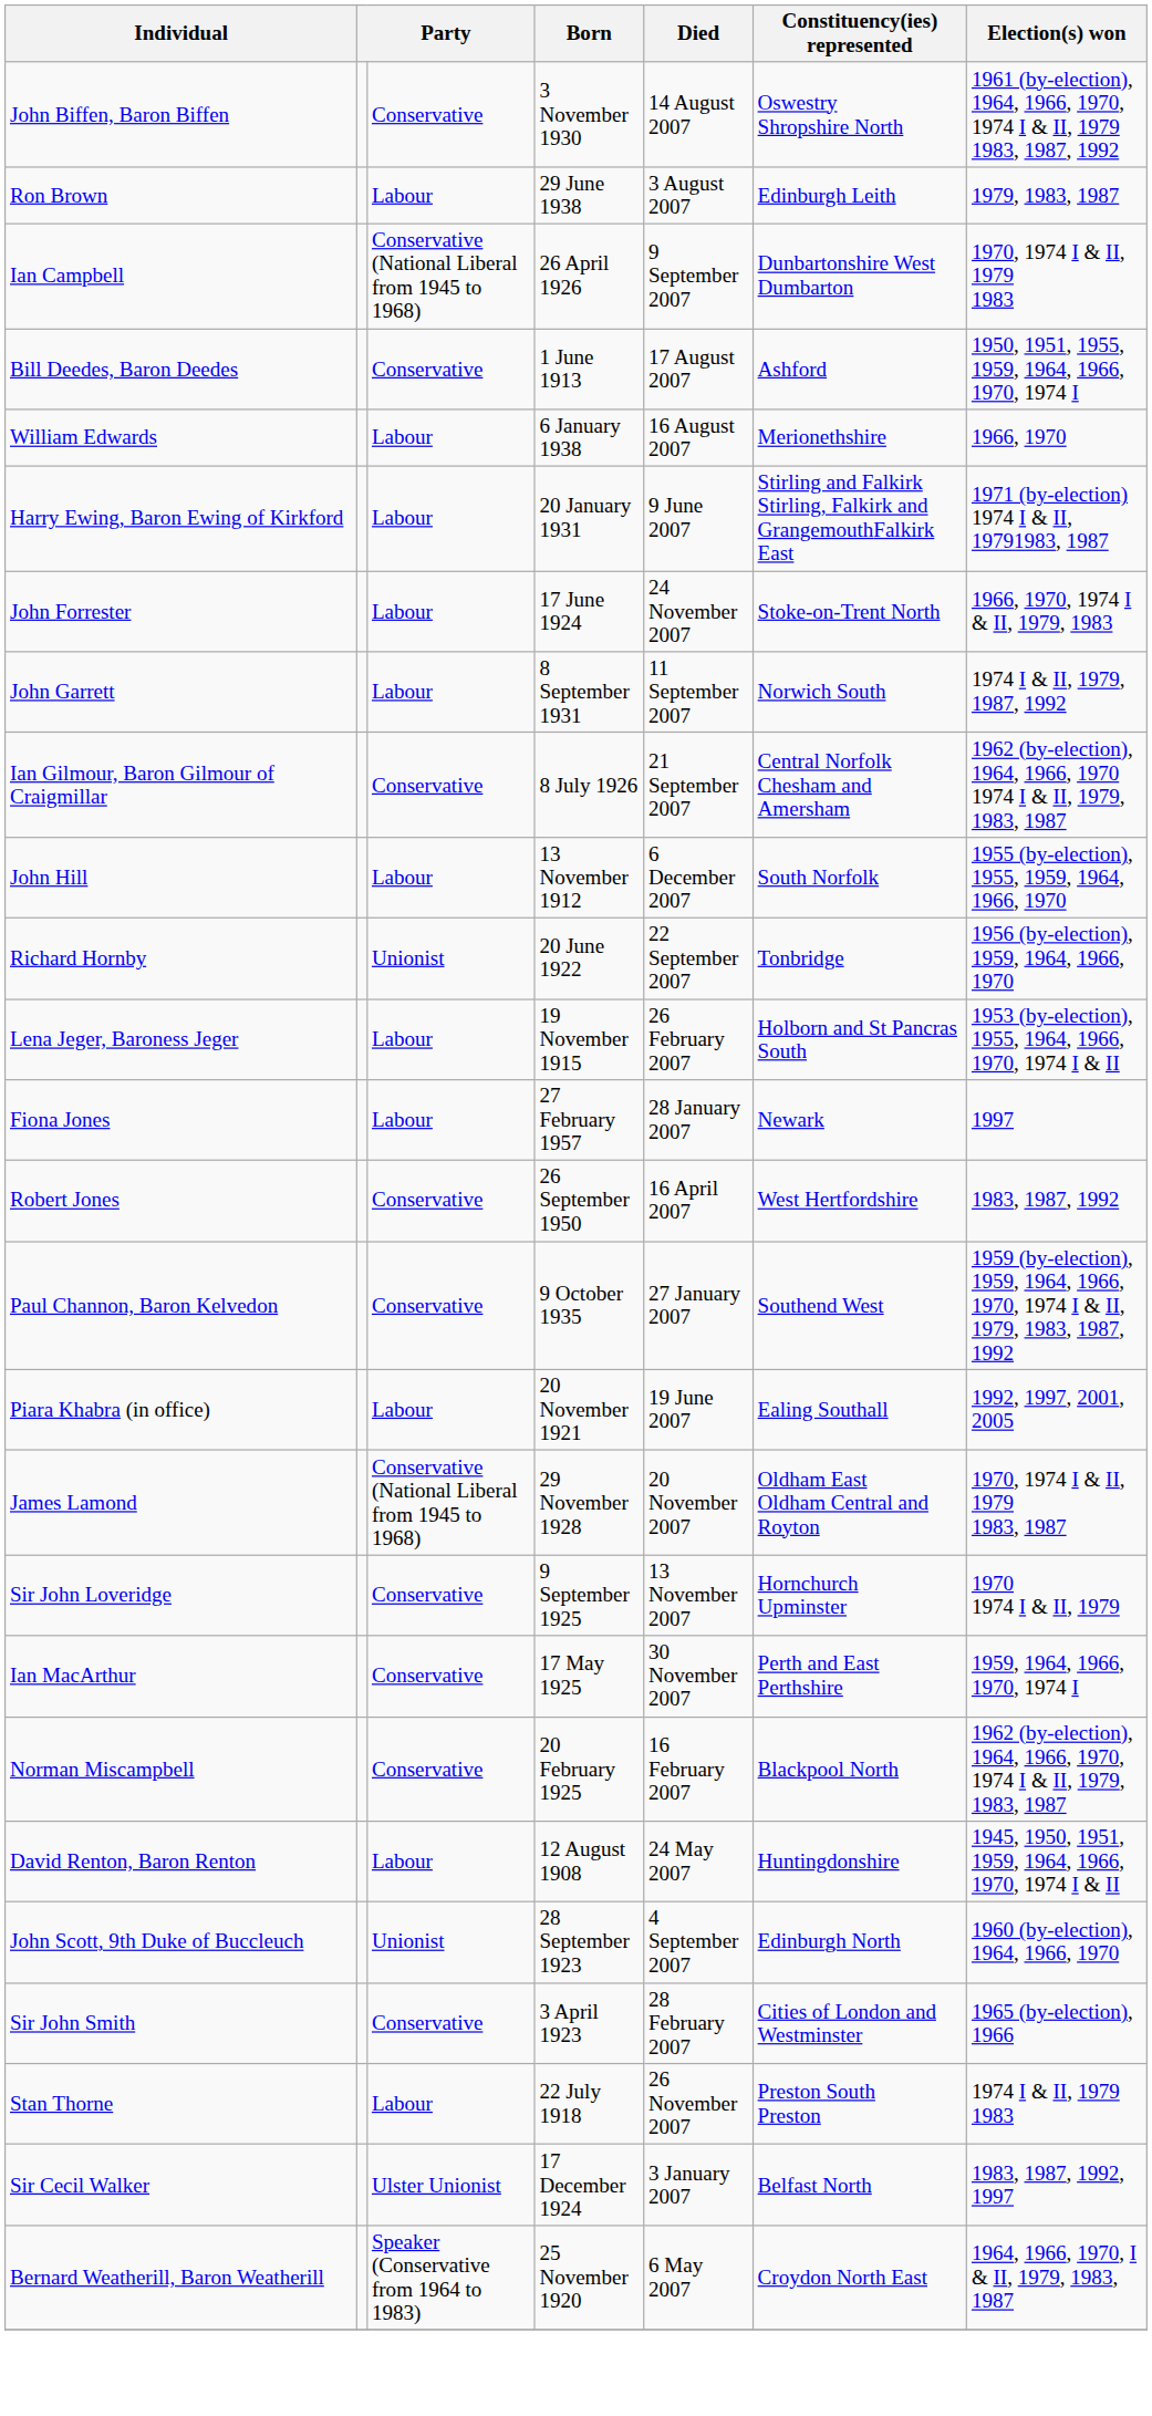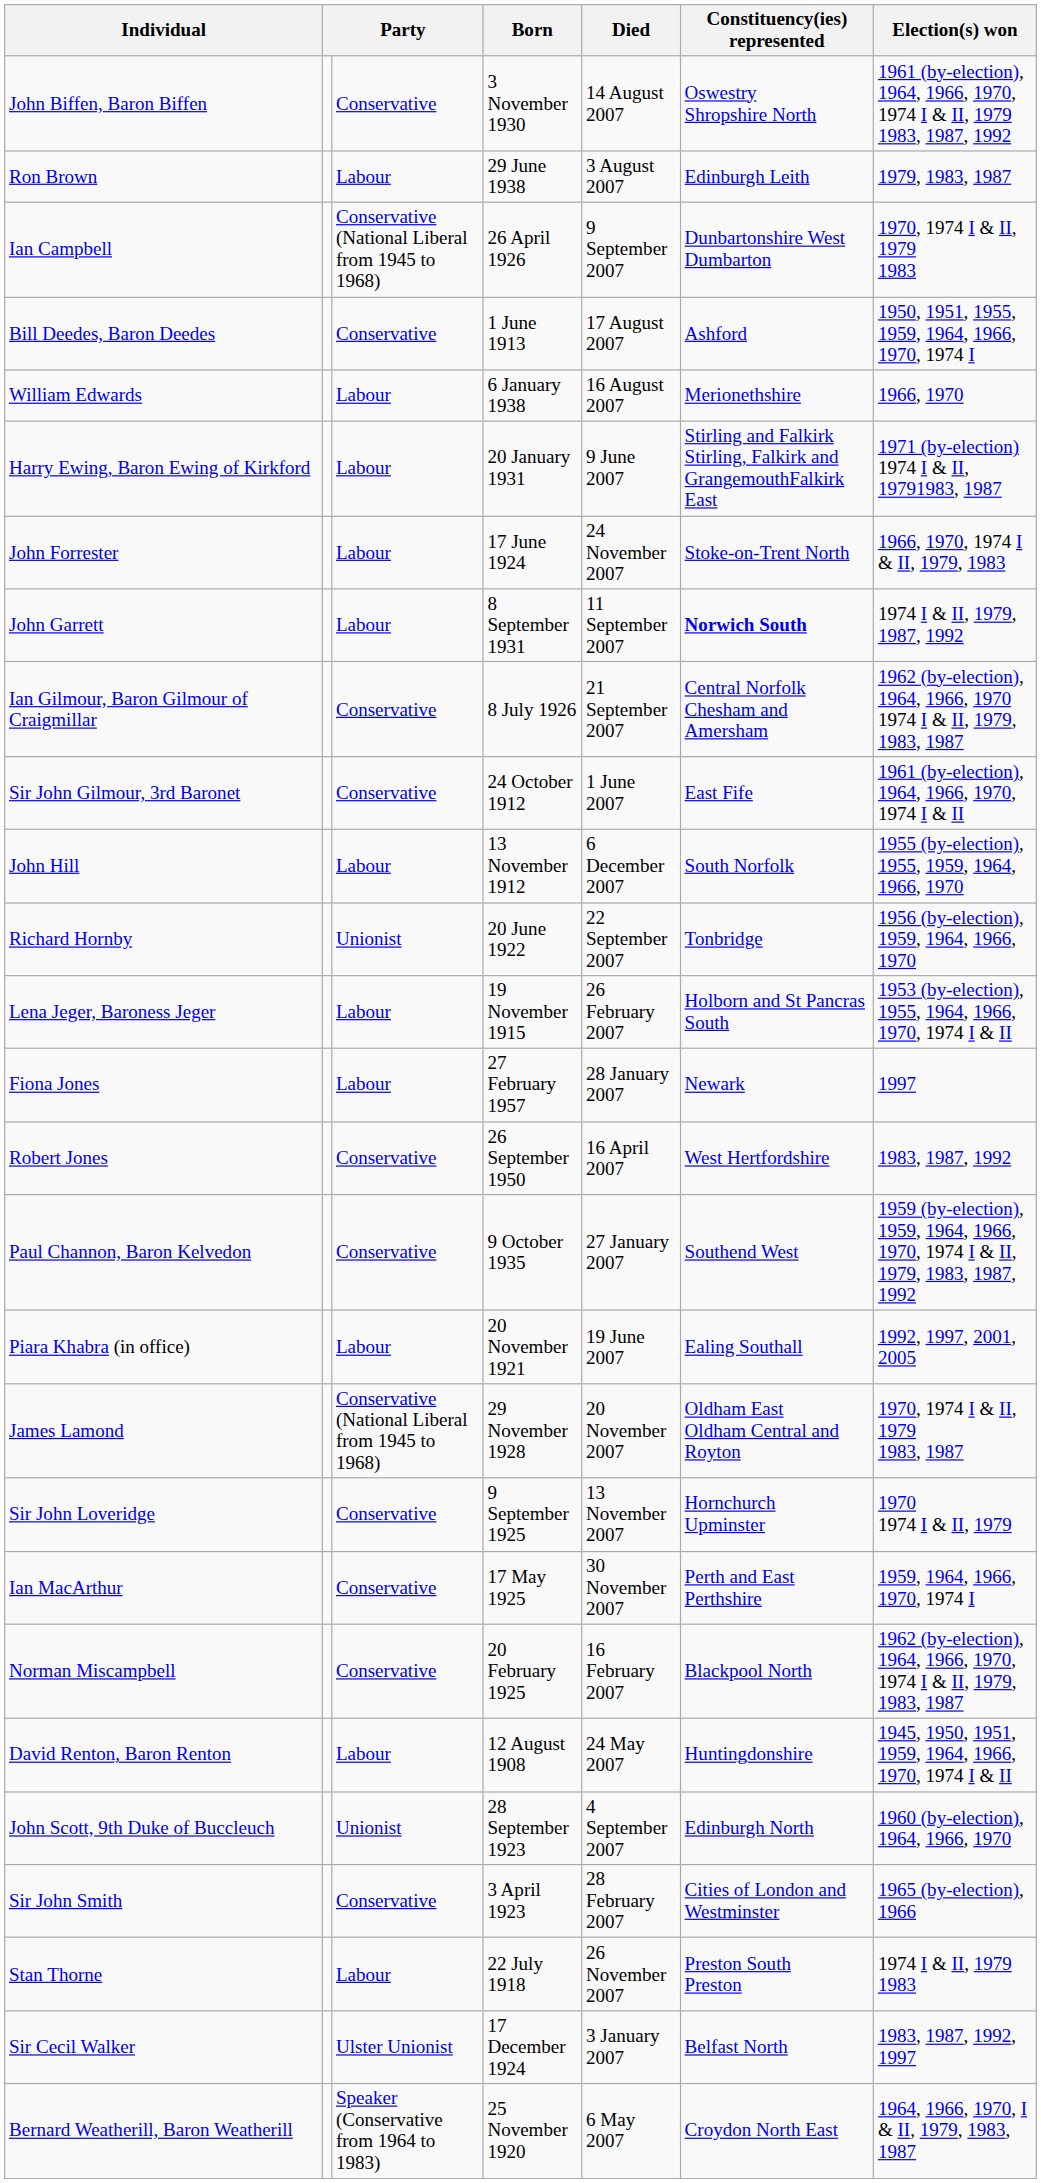 <table class="wikitable sortable">
 <tr>
 <th width="260px">Individual</th>
 <th colspan="2">Party</th>
 <th>Born</th>
 <th>Died</th>
 <th>Constituency(ies) represented</th>
 <th>Election(s) won</th>
 </tr>
 <tr>
 <td><a href='#'>John Biffen, Baron Biffen</a></td>
 <td style="background-color: "></td>
 <td><a href='#'>Conservative</a></td>
 <td>3 November 1930</td>
 <td>14 August 2007</td>
 <td><a href='#'>Oswestry</a><br><a href='#'>Shropshire North</a></td>
 <td><a href='#'>1961 (by-election)</a>, <a href='#'>1964</a>, <a href='#'>1966</a>, <a href='#'>1970</a>, 1974 <a href='#'>I</a> & <a href='#'>II</a>, <a href='#'>1979</a><br><a href='#'>1983</a>, <a href='#'>1987</a>, <a href='#'>1992</a></td>
 </tr>
 <tr>
 <td><a href='#'>Ron Brown</a></td>
 <td style="background-color: "></td>
 <td><a href='#'>Labour</a></td>
 <td>29 June 1938</td>
 <td>3 August 2007</td>
 <td><a href='#'>Edinburgh Leith</a></td>
 <td><a href='#'>1979</a>, <a href='#'>1983</a>, <a href='#'>1987</a></td>
 </tr>
 <tr>
 <td><a href='#'>Ian Campbell</a></td>
 <td style="background-color: "></td>
 <td><a href='#'>Conservative</a> (National Liberal from 1945 to 1968)</td>
 <td>26 April 1926</td>
 <td>9 September 2007</td>
 <td><a href='#'>Dunbartonshire West</a><br><a href='#'>Dumbarton</a></td>
 <td><a href='#'>1970</a>, 1974 <a href='#'>I</a> & <a href='#'>II</a>, <a href='#'>1979</a><br><a href='#'>1983</a></td>
 </tr>
 <tr>
 <td><a href='#'>Bill Deedes, Baron Deedes</a></td>
 <td style="background-color: "></td>
 <td><a href='#'>Conservative</a></td>
 <td>1 June 1913</td>
 <td>17 August 2007</td>
 <td><a href='#'>Ashford</a></td>
 <td><a href='#'>1950</a>, <a href='#'>1951</a>, <a href='#'>1955</a>, <a href='#'>1959</a>, <a href='#'>1964</a>, <a href='#'>1966</a>, <a href='#'>1970</a>, 1974 <a href='#'>I</a></td>
 </tr>
 <tr>
 <td><a href='#'>William Edwards</a></td>
 <td style="background-color: "></td>
 <td><a href='#'>Labour</a></td>
 <td>6 January 1938</td>
 <td>16 August 2007</td>
 <td><a href='#'>Merionethshire</a></td>
 <td><a href='#'>1966</a>, <a href='#'>1970</a></td>
 </tr>
 <tr>
 <td><a href='#'>Harry Ewing, Baron Ewing of Kirkford</a></td>
 <td style="background-color: "></td>
 <td><a href='#'>Labour</a></td>
 <td>20 January 1931</td>
 <td>9 June 2007</td>
 <td><a href='#'>Stirling and Falkirk</a><br><a href='#'>Stirling, Falkirk and Grangemouth</a><a href='#'>Falkirk East</a></td>
 <td><a href='#'>1971 (by-election)</a><br>1974 <a href='#'>I</a> & <a href='#'>II</a>, <a href='#'>1979</a><a href='#'>1983</a>, <a href='#'>1987</a></td>
 </tr>
 <tr>
 <td><a href='#'>John Forrester</a></td>
 <td style="background-color: "></td>
 <td><a href='#'>Labour</a></td>
 <td>17 June 1924</td>
 <td>24 November 2007</td>
 <td><a href='#'>Stoke-on-Trent North</a></td>
 <td><a href='#'>1966</a>, <a href='#'>1970</a>, 1974 <a href='#'>I</a> & <a href='#'>II</a>, <a href='#'>1979</a>, <a href='#'>1983</a></td>
 </tr>
 <tr>
 <td><a href='#'>John Garrett</a></td>
 <td style="background-color: "></td>
 <td><a href='#'>Labour</a></td>
 <td>8 September 1931</td>
 <td>11 September 2007</td>
-<td><a href='#'>Norwich South</a></td>
+<td><strong><a href='#'>Norwich South</a></strong></td>
 <td>1974 <a href='#'>I</a> & <a href='#'>II</a>, <a href='#'>1979</a>, <a href='#'>1987</a>, <a href='#'>1992</a></td>
 </tr>
 <tr>
 <td><a href='#'>Ian Gilmour, Baron Gilmour of Craigmillar</a></td>
 <td style="background-color: "></td>
 <td><a href='#'>Conservative</a></td>
 <td>8 July 1926</td>
 <td>21 September 2007</td>
 <td><a href='#'>Central Norfolk</a><br><a href='#'>Chesham and Amersham</a></td>
 <td><a href='#'>1962 (by-election)</a>, <a href='#'>1964</a>, <a href='#'>1966</a>, <a href='#'>1970</a><br>1974 <a href='#'>I</a> & <a href='#'>II</a>, <a href='#'>1979</a>, <a href='#'>1983</a>, <a href='#'>1987</a></td>
+</tr>
+<tr>
+<td><a href='#'>Sir John Gilmour, 3rd Baronet</a></td>
+<td style="background-color: "></td>
+<td><a href='#'>Conservative</a></td>
+<td>24 October 1912</td>
+<td>1 June 2007</td>
+<td><a href='#'>East Fife</a></td>
+<td><a href='#'>1961 (by-election)</a>, <a href='#'>1964</a>, <a href='#'>1966</a>, <a href='#'>1970</a>, 1974 <a href='#'>I</a> & <a href='#'>II</a></td>
 </tr>
 <tr>
 <td><a href='#'>John Hill</a></td>
 <td style="background-color: "></td>
 <td><a href='#'>Labour</a></td>
 <td>13 November 1912</td>
 <td>6 December 2007</td>
 <td><a href='#'>South Norfolk</a></td>
 <td><a href='#'>1955 (by-election)</a>, <a href='#'>1955</a>, <a href='#'>1959</a>, <a href='#'>1964</a>, <a href='#'>1966</a>, <a href='#'>1970</a></td>
 </tr>
 <tr>
 <td><a href='#'>Richard Hornby</a></td>
 <td style="background-color: "></td>
 <td><a href='#'>Unionist</a></td>
 <td>20 June 1922</td>
 <td>22 September 2007</td>
 <td><a href='#'>Tonbridge</a></td>
 <td><a href='#'>1956 (by-election)</a>, <a href='#'>1959</a>, <a href='#'>1964</a>, <a href='#'>1966</a>, <a href='#'>1970</a></td>
 </tr>
 <tr>
 <td><a href='#'>Lena Jeger, Baroness Jeger</a></td>
 <td style="background-color: "></td>
 <td><a href='#'>Labour</a></td>
 <td>19 November 1915</td>
 <td>26 February 2007</td>
 <td><a href='#'>Holborn and St Pancras South</a></td>
 <td><a href='#'>1953 (by-election)</a>, <a href='#'>1955</a>, <a href='#'>1964</a>, <a href='#'>1966</a>, <a href='#'>1970</a>, 1974 <a href='#'>I</a> & <a href='#'>II</a></td>
 </tr>
 <tr>
 <td><a href='#'>Fiona Jones</a></td>
 <td style="background-color: "></td>
 <td><a href='#'>Labour</a></td>
 <td>27 February 1957</td>
 <td>28 January 2007</td>
 <td><a href='#'>Newark</a></td>
 <td><a href='#'>1997</a></td>
 </tr>
 <tr>
 <td><a href='#'>Robert Jones</a></td>
 <td style="background-color: "></td>
 <td><a href='#'>Conservative</a></td>
 <td>26 September 1950</td>
 <td>16 April 2007</td>
 <td><a href='#'>West Hertfordshire</a></td>
 <td><a href='#'>1983</a>, <a href='#'>1987</a>, <a href='#'>1992</a></td>
 </tr>
 <tr>
 <td><a href='#'>Paul Channon, Baron Kelvedon</a></td>
 <td style="background-color: "></td>
 <td><a href='#'>Conservative</a></td>
 <td>9 October 1935</td>
 <td>27 January 2007</td>
 <td><a href='#'>Southend West</a></td>
 <td><a href='#'>1959 (by-election)</a>, <a href='#'>1959</a>, <a href='#'>1964</a>, <a href='#'>1966</a>, <a href='#'>1970</a>, 1974 <a href='#'>I</a> & <a href='#'>II</a>, <a href='#'>1979</a>, <a href='#'>1983</a>, <a href='#'>1987</a>, <a href='#'>1992</a></td>
 </tr>
 <tr>
 <td><a href='#'>Piara Khabra</a> (in office)</td>
 <td style="background-color: "></td>
 <td><a href='#'>Labour</a></td>
 <td>20 November 1921</td>
 <td>19 June 2007</td>
 <td><a href='#'>Ealing Southall</a></td>
 <td><a href='#'>1992</a>, <a href='#'>1997</a>, <a href='#'>2001</a>, <a href='#'>2005</a></td>
 </tr>
 <tr>
 <td><a href='#'>James Lamond</a></td>
 <td style="background-color: "></td>
 <td><a href='#'>Conservative</a> (National Liberal from 1945 to 1968)</td>
 <td>29 November 1928</td>
 <td>20 November 2007</td>
 <td><a href='#'>Oldham East</a><br><a href='#'>Oldham Central and Royton</a></td>
 <td><a href='#'>1970</a>, 1974 <a href='#'>I</a> & <a href='#'>II</a>, <a href='#'>1979</a><br><a href='#'>1983</a>, <a href='#'>1987</a></td>
 </tr>
 <tr>
 <td><a href='#'>Sir John Loveridge</a></td>
 <td style="background-color: "></td>
 <td><a href='#'>Conservative</a></td>
 <td>9 September 1925</td>
 <td>13 November 2007</td>
 <td><a href='#'>Hornchurch</a><br><a href='#'>Upminster</a></td>
 <td><a href='#'>1970</a><br>1974 <a href='#'>I</a> & <a href='#'>II</a>, <a href='#'>1979</a></td>
 </tr>
 <tr>
 <td><a href='#'>Ian MacArthur</a></td>
 <td style="background-color: "></td>
 <td><a href='#'>Conservative</a></td>
 <td>17 May 1925</td>
 <td>30 November 2007</td>
 <td><a href='#'>Perth and East Perthshire</a></td>
 <td><a href='#'>1959</a>, <a href='#'>1964</a>, <a href='#'>1966</a>, <a href='#'>1970</a>, 1974 <a href='#'>I</a></td>
 </tr>
 <tr>
 <td><a href='#'>Norman Miscampbell</a></td>
 <td style="background-color: "></td>
 <td><a href='#'>Conservative</a></td>
 <td>20 February 1925</td>
 <td>16 February 2007</td>
 <td><a href='#'>Blackpool North</a></td>
 <td><a href='#'>1962 (by-election)</a>, <a href='#'>1964</a>, <a href='#'>1966</a>, <a href='#'>1970</a>, 1974 <a href='#'>I</a> & <a href='#'>II</a>, <a href='#'>1979</a>, <a href='#'>1983</a>, <a href='#'>1987</a></td>
 </tr>
 <tr>
 <td><a href='#'>David Renton, Baron Renton</a></td>
 <td style="background-color: "></td>
 <td><a href='#'>Labour</a></td>
 <td>12 August 1908</td>
 <td>24 May 2007</td>
 <td><a href='#'>Huntingdonshire</a></td>
 <td><a href='#'>1945</a>, <a href='#'>1950</a>, <a href='#'>1951</a>, <a href='#'>1959</a>, <a href='#'>1964</a>, <a href='#'>1966</a>, <a href='#'>1970</a>, 1974 <a href='#'>I</a> & <a href='#'>II</a></td>
 </tr>
 <tr>
 <td><a href='#'>John Scott, 9th Duke of Buccleuch</a></td>
 <td style="background-color: "></td>
 <td><a href='#'>Unionist</a></td>
 <td>28 September 1923</td>
 <td>4 September 2007</td>
 <td><a href='#'>Edinburgh North</a></td>
 <td><a href='#'>1960 (by-election)</a>, <a href='#'>1964</a>, <a href='#'>1966</a>, <a href='#'>1970</a></td>
 </tr>
 <tr>
 <td><a href='#'>Sir John Smith</a></td>
 <td style="background-color: "></td>
 <td><a href='#'>Conservative</a></td>
 <td>3 April 1923</td>
 <td>28 February 2007</td>
 <td><a href='#'>Cities of London and Westminster</a></td>
 <td><a href='#'>1965 (by-election)</a>, <a href='#'>1966</a></td>
 </tr>
 <tr>
 <td><a href='#'>Stan Thorne</a></td>
 <td style="background-color: "></td>
 <td><a href='#'>Labour</a></td>
 <td>22 July 1918</td>
 <td>26 November 2007</td>
 <td><a href='#'>Preston South</a><br><a href='#'>Preston</a></td>
 <td>1974 <a href='#'>I</a> & <a href='#'>II</a>, <a href='#'>1979</a><br><a href='#'>1983</a></td>
 </tr>
 <tr>
 <td><a href='#'>Sir Cecil Walker</a></td>
 <td style="background-color: "></td>
 <td><a href='#'>Ulster Unionist</a></td>
 <td>17 December 1924</td>
 <td>3 January 2007</td>
 <td><a href='#'>Belfast North</a></td>
 <td><a href='#'>1983</a>, <a href='#'>1987</a>, <a href='#'>1992</a>, <a href='#'>1997</a></td>
 </tr>
 <tr>
 <td><a href='#'>Bernard Weatherill, Baron Weatherill</a></td>
 <td style="background-color: "></td>
 <td><a href='#'>Speaker</a> (Conservative from 1964 to 1983)</td>
 <td>25 November 1920</td>
 <td>6 May 2007</td>
 <td><a href='#'>Croydon North East</a></td>
 <td><a href='#'>1964</a>, <a href='#'>1966</a>, <a href='#'>1970</a>, <a href='#'>I</a> & <a href='#'>II</a>, <a href='#'>1979</a>, <a href='#'>1983</a>, <a href='#'>1987</a></td>
 </tr>
 <tr>
 </tr>
 </table>
